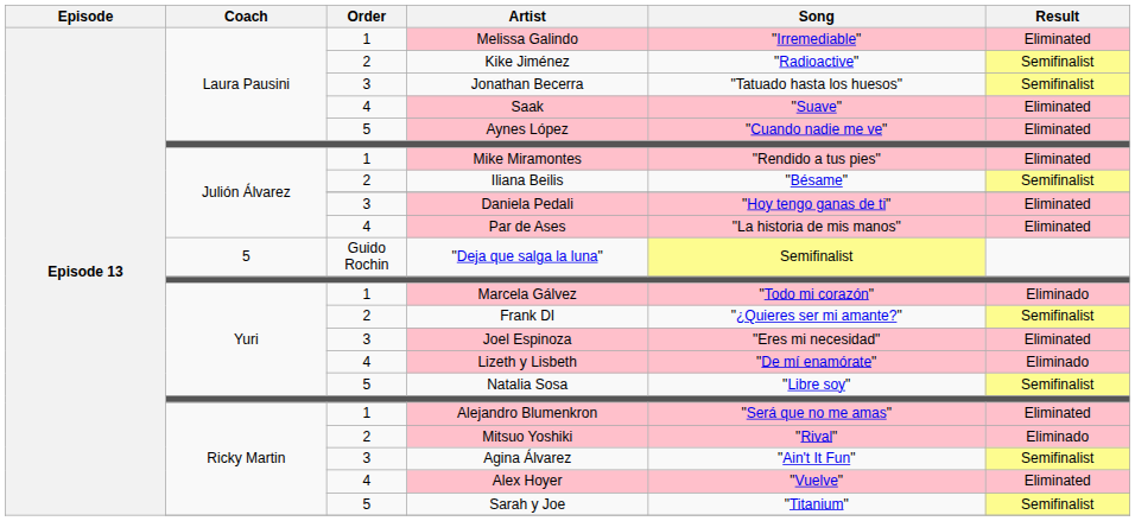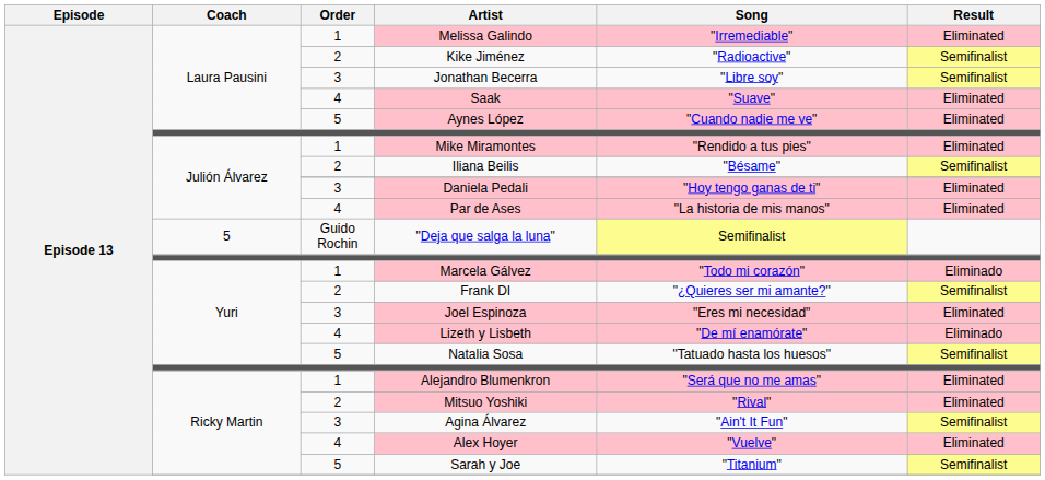 <table class="wikitable" style="text-align:center; width:100%;">
 <tr>
 <th style="width:10%;">Episode</th>
 <th style="width:10%;">Coach</th>
 <th style="width:05%;">Order</th>
 <th style="width:15%;">Artist</th>
 <th style="width:21%;">Song</th>
 <th style="width:9%;">Result</th>
 </tr>
 <tr>
 <th rowspan="30" scope="row">Episode 13<br><small></small></th>
 <td rowspan="5">Laura Pausini</td>
 <td>1</td>
 <td style="background:pink;">Melissa Galindo</td>
 <td style="background:pink;">"<a href='#'>Irremediable</a>"</td>
 <td style="background:pink;">Eliminated</td>
 </tr>
 <tr>
 <td>2</td>
 <td>Kike Jiménez</td>
 <td>"<a href='#'>Radioactive</a>"</td>
 <td style="background:#fdfc8f;">Semifinalist</td>
 </tr>
 <tr>
 <td>3</td>
 <td>Jonathan Becerra</td>
-<td>"Tatuado hasta los huesos"</td>
+<td>"<a href='#'>Libre soy</a>"</td>
 <td style="background:#fdfc8f;">Semifinalist</td>
 </tr>
 <tr>
 <td>4</td>
 <td style="background:pink;">Saak</td>
 <td style="background:pink;">"<a href='#'>Suave</a>"</td>
 <td style="background:pink;">Eliminated</td>
 </tr>
 <tr>
 <td>5</td>
 <td style="background:pink;">Aynes López</td>
 <td style="background:pink;">"<a href='#'>Cuando nadie me ve</a>"</td>
 <td style="background:pink;">Eliminated</td>
 </tr>
 <tr>
 <td colspan="7" style="background:#555;"></td>
 </tr>
 <tr>
 <td rowspan="5">Julión Álvarez</td>
 <td>1</td>
 <td style="background:pink;">Mike Miramontes</td>
 <td style="background:pink;">"Rendido a tus pies"</td>
 <td style="background:pink;">Eliminated</td>
 </tr>
 <tr>
 <td>2</td>
 <td>Iliana Beilis</td>
 <td>"<a href='#'>Bésame</a>"</td>
 <td style="background:#fdfc8f;">Semifinalist</td>
 </tr>
 <tr>
 </tr>
 <tr>
 <td>3</td>
 <td style="background:pink;">Daniela Pedali</td>
 <td style="background:pink;">"<a href='#'>Hoy tengo ganas de ti</a>"</td>
 <td style="background:pink;">Eliminated</td>
 </tr>
 <tr>
 <td>4</td>
 <td style="background:pink;">Par de Ases</td>
 <td style="background:pink;">"La historia de mis manos"</td>
 <td style="background:pink;">Eliminated</td>
 </tr>
 <tr>
 <td>5</td>
 <td>Guido Rochin</td>
 <td>"<a href='#'>Deja que salga la luna</a>"</td>
 <td style="background:#fdfc8f;">Semifinalist</td>
 </tr>
 <tr>
 <td colspan="7" style="background:#555;"></td>
 </tr>
 <tr>
 <td rowspan="5">Yuri</td>
 <td>1</td>
 <td style="background:pink;">Marcela Gálvez</td>
 <td style="background:pink;">"<a href='#'>Todo mi corazón</a>"</td>
 <td style="background:pink;">Eliminado</td>
 </tr>
 <tr>
 <td>2</td>
 <td>Frank DI</td>
 <td>"<a href='#'>¿Quieres ser mi amante?</a>"</td>
 <td style="background:#fdfc8f;">Semifinalist</td>
 </tr>
 <tr>
 <td>3</td>
 <td style="background:pink;">Joel Espinoza</td>
 <td style="background:pink;">"Eres mi necesidad"</td>
 <td style="background:pink;">Eliminated</td>
 </tr>
 <tr>
 <td>4</td>
 <td style="background:pink;">Lizeth y Lisbeth</td>
 <td style="background:pink;">"<a href='#'>De mí enamórate</a>"</td>
 <td style="background:pink;">Eliminado</td>
 </tr>
 <tr>
 <td>5</td>
 <td>Natalia Sosa</td>
-<td>"<a href='#'>Libre soy</a>"</td>
+<td>"Tatuado hasta los huesos"</td>
 <td style="background:#fdfc8f;">Semifinalist</td>
 </tr>
 <tr>
 <td colspan="7" style="background:#555;"></td>
 </tr>
 <tr>
 <td rowspan="5">Ricky Martin</td>
 <td>1</td>
 <td style="background:pink;">Alejandro Blumenkron</td>
 <td style="background:pink;">"<a href='#'>Será que no me amas</a>"</td>
 <td style="background:pink;">Eliminated</td>
 </tr>
 <tr>
 <td>2</td>
 <td style="background:pink;">Mitsuo Yoshiki</td>
 <td style="background:pink;">"<a href='#'>Rival</a>"</td>
-<td style="background:pink;">Eliminado</td>
+<td style="background:pink;">Eliminated</td>
 </tr>
 <tr>
 <td>3</td>
 <td>Agina Álvarez</td>
 <td>"<a href='#'>Ain't It Fun</a>"</td>
 <td style="background:#fdfc8f;">Semifinalist</td>
 </tr>
 <tr>
 <td>4</td>
 <td style="background:pink;">Alex Hoyer</td>
 <td style="background:pink;">"<a href='#'>Vuelve</a>"</td>
 <td style="background:pink;">Eliminated</td>
 </tr>
 <tr>
 <td>5</td>
 <td>Sarah y Joe</td>
 <td>"<a href='#'>Titanium</a>"</td>
 <td style="background:#fdfc8f;">Semifinalist</td>
 </tr>
 <tr>
 </tr>
 </table>
